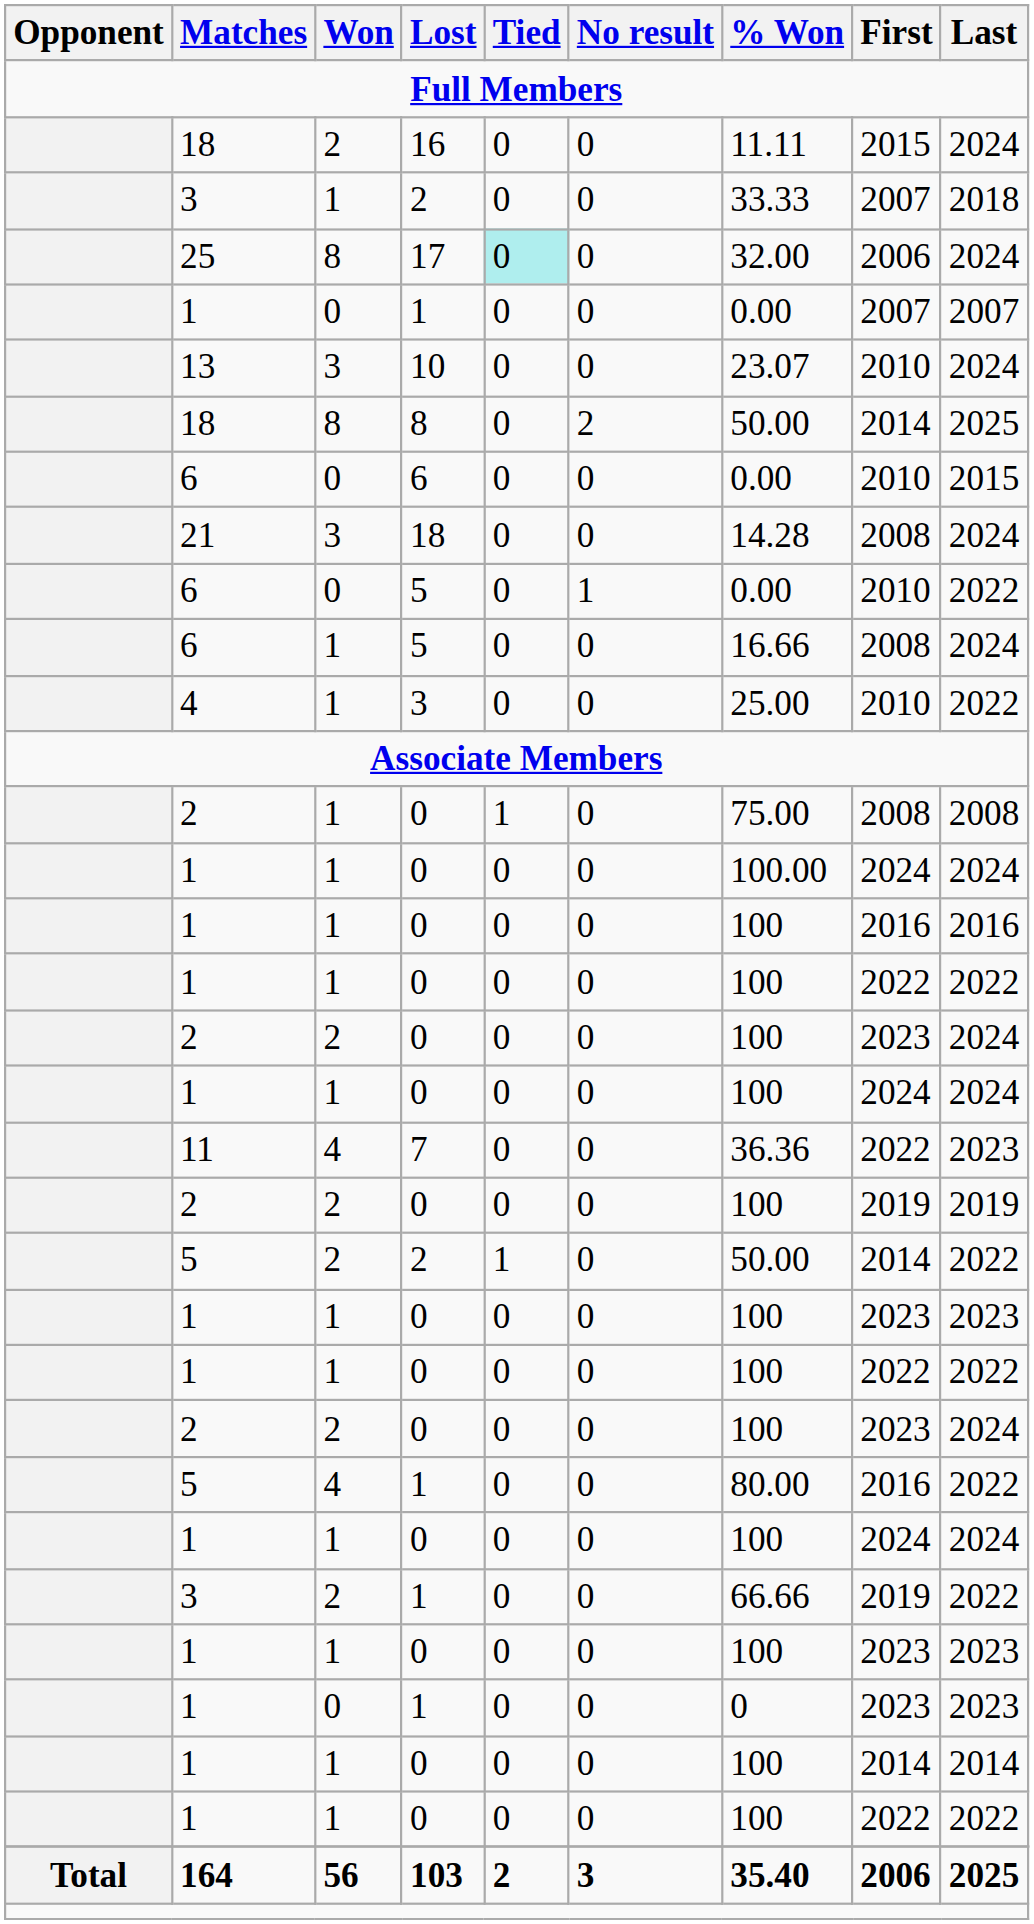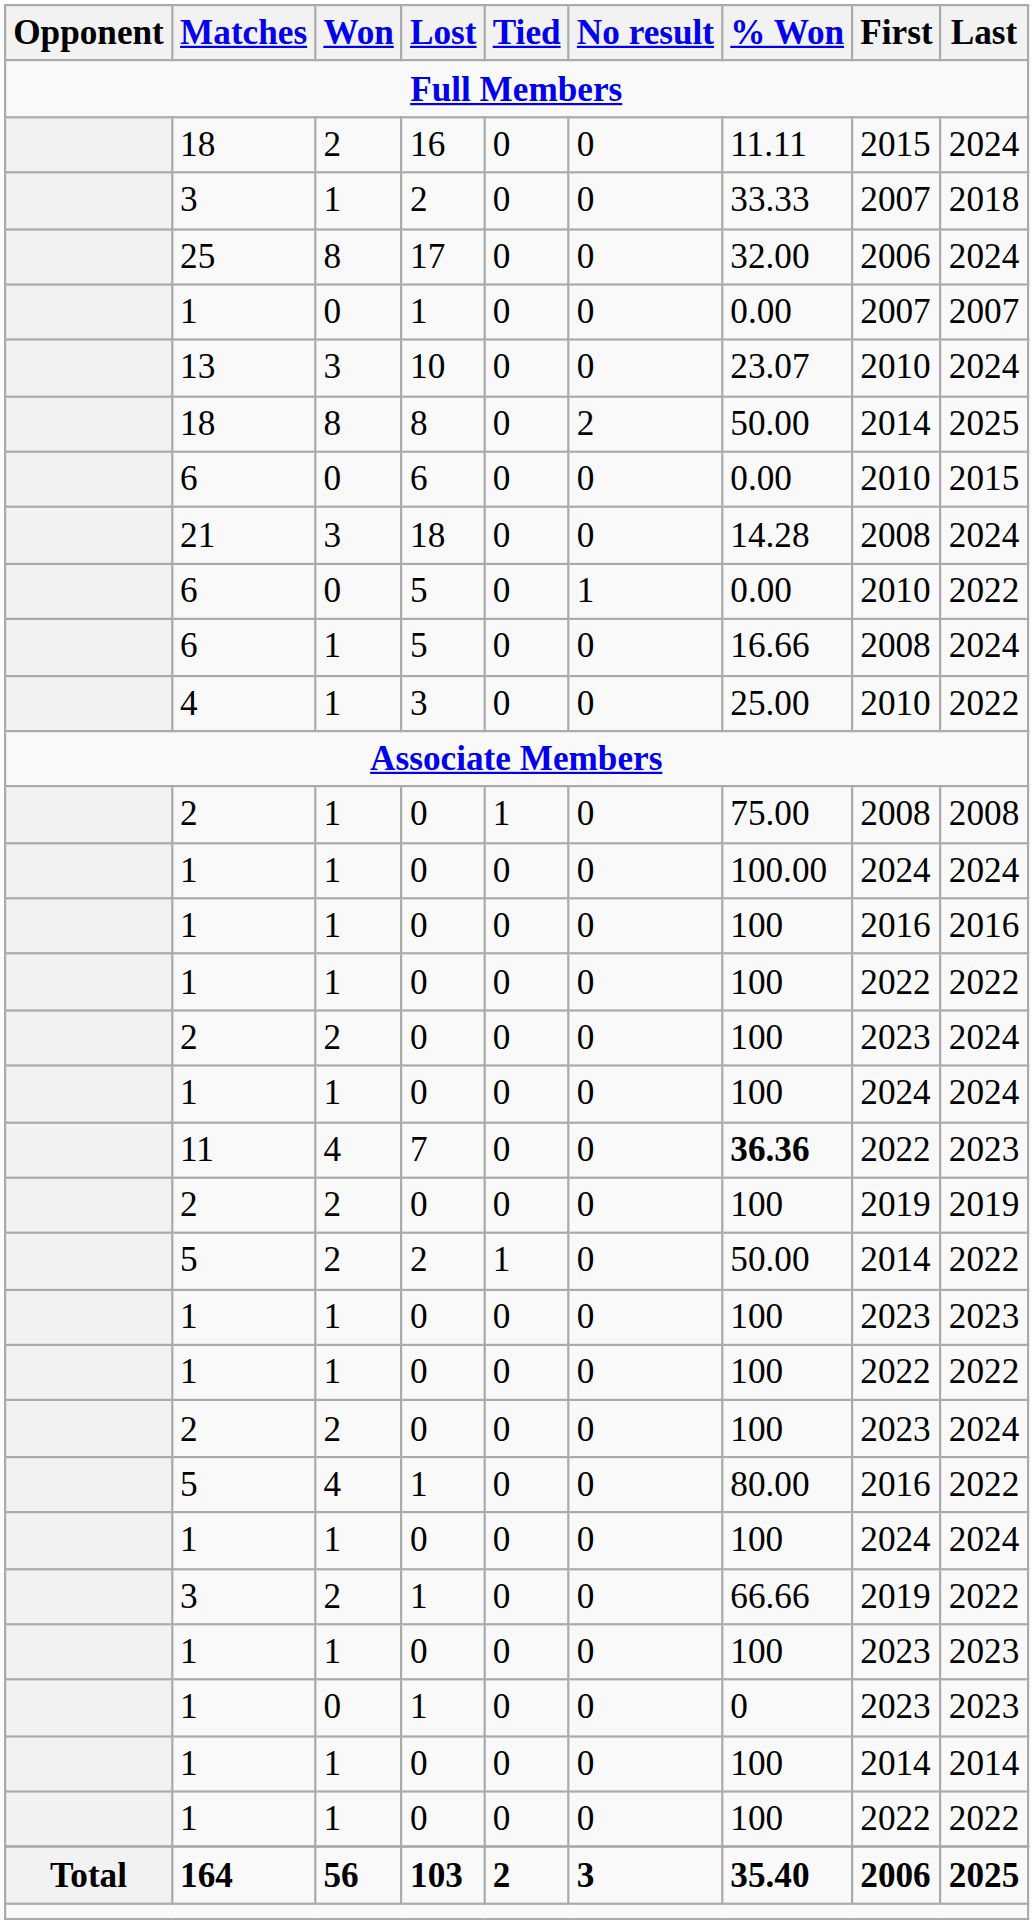 <table class="wikitable plainrowheaders sortable">
 <tr>
 <th scope="col">Opponent</th>
 <th scope="col"><a href='#'>Matches</a></th>
 <th scope="col"><a href='#'>Won</a></th>
 <th scope="col"><a href='#'>Lost</a></th>
 <th scope="col"><a href='#'>Tied</a></th>
 <th scope="col"><a href='#'>No result</a></th>
 <th scope="col"><a href='#'>% Won</a></th>
 <th scope="col">First</th>
 <th scope="col">Last</th>
 </tr>
 <tr>
 <td style="text-align: center;" colspan="9"><strong><a href='#'>Full Members</a></strong></td>
 </tr>
 <tr>
 <th scope=row></th>
 <td>18</td>
 <td>2</td>
 <td>16</td>
 <td>0</td>
 <td>0</td>
 <td>11.11</td>
 <td>2015</td>
 <td>2024</td>
 </tr>
 <tr>
 <th scope=row></th>
 <td>3</td>
 <td>1</td>
 <td>2</td>
 <td>0</td>
 <td>0</td>
 <td>33.33</td>
 <td>2007</td>
 <td>2018</td>
 </tr>
 <tr>
 <th scope=row></th>
 <td>25</td>
 <td>8</td>
 <td>17</td>
-<td style="background: paleturquoise;">0</td>
+<td>0</td>
 <td>0</td>
 <td>32.00</td>
 <td>2006</td>
 <td>2024</td>
 </tr>
 <tr>
 <th scope=row></th>
 <td>1</td>
 <td>0</td>
 <td>1</td>
 <td>0</td>
 <td>0</td>
 <td>0.00</td>
 <td>2007</td>
 <td>2007</td>
 </tr>
 <tr>
 <th scope=row></th>
 <td>13</td>
 <td>3</td>
 <td>10</td>
 <td>0</td>
 <td>0</td>
 <td>23.07</td>
 <td>2010</td>
 <td>2024</td>
 </tr>
 <tr>
 <th scope=row></th>
 <td>18</td>
 <td>8</td>
 <td>8</td>
 <td>0</td>
 <td>2</td>
 <td>50.00</td>
 <td>2014</td>
 <td>2025</td>
 </tr>
 <tr>
 <th scope=row></th>
 <td>6</td>
 <td>0</td>
 <td>6</td>
 <td>0</td>
 <td>0</td>
 <td>0.00</td>
 <td>2010</td>
 <td>2015</td>
 </tr>
 <tr>
 <th scope=row></th>
 <td>21</td>
 <td>3</td>
 <td>18</td>
 <td>0</td>
 <td>0</td>
 <td>14.28</td>
 <td>2008</td>
 <td>2024</td>
 </tr>
 <tr>
 <th scope=row></th>
 <td>6</td>
 <td>0</td>
 <td>5</td>
 <td>0</td>
 <td>1</td>
 <td>0.00</td>
 <td>2010</td>
 <td>2022</td>
 </tr>
 <tr>
 <th scope=row></th>
 <td>6</td>
 <td>1</td>
 <td>5</td>
 <td>0</td>
 <td>0</td>
 <td>16.66</td>
 <td>2008</td>
 <td>2024</td>
 </tr>
 <tr>
 <th scope=row></th>
 <td>4</td>
 <td>1</td>
 <td>3</td>
 <td>0</td>
 <td>0</td>
 <td>25.00</td>
 <td>2010</td>
 <td>2022</td>
 </tr>
 <tr>
 <td colspan="10" style="text-align: center;"><strong><a href='#'>Associate Members</a></strong></td>
 </tr>
 <tr>
 <th scope=row></th>
 <td>2</td>
 <td>1</td>
 <td>0</td>
 <td>1</td>
 <td>0</td>
 <td>75.00</td>
 <td>2008</td>
 <td>2008</td>
 </tr>
 <tr>
 <th scope=row></th>
 <td>1</td>
 <td>1</td>
 <td>0</td>
 <td>0</td>
 <td>0</td>
 <td>100.00</td>
 <td>2024</td>
 <td>2024</td>
 </tr>
 <tr>
 <th scope=row></th>
 <td>1</td>
 <td>1</td>
 <td>0</td>
 <td>0</td>
 <td>0</td>
 <td>100</td>
 <td>2016</td>
 <td>2016</td>
 </tr>
 <tr>
 <th scope=row></th>
 <td>1</td>
 <td>1</td>
 <td>0</td>
 <td>0</td>
 <td>0</td>
 <td>100</td>
 <td>2022</td>
 <td>2022</td>
 </tr>
 <tr>
 <th scope=row></th>
 <td>2</td>
 <td>2</td>
 <td>0</td>
 <td>0</td>
 <td>0</td>
 <td>100</td>
 <td>2023</td>
 <td>2024</td>
 </tr>
 <tr>
 <th scope=row></th>
 <td>1</td>
 <td>1</td>
 <td>0</td>
 <td>0</td>
 <td>0</td>
 <td>100</td>
 <td>2024</td>
 <td>2024</td>
 </tr>
 <tr>
 <th scope=row></th>
 <td>11</td>
 <td>4</td>
 <td>7</td>
 <td>0</td>
 <td>0</td>
-<td>36.36</td>
+<td><strong>36.36</strong></td>
 <td>2022</td>
 <td>2023</td>
 </tr>
 <tr>
 <th scope=row></th>
 <td>2</td>
 <td>2</td>
 <td>0</td>
 <td>0</td>
 <td>0</td>
 <td>100</td>
 <td>2019</td>
 <td>2019</td>
 </tr>
 <tr>
 <th scope=row></th>
 <td>5</td>
 <td>2</td>
 <td>2</td>
 <td>1</td>
 <td>0</td>
 <td>50.00</td>
 <td>2014</td>
 <td>2022</td>
 </tr>
 <tr>
 <th scope=row></th>
 <td>1</td>
 <td>1</td>
 <td>0</td>
 <td>0</td>
 <td>0</td>
 <td>100</td>
 <td>2023</td>
 <td>2023</td>
 </tr>
 <tr>
 <th scope=row></th>
 <td>1</td>
 <td>1</td>
 <td>0</td>
 <td>0</td>
 <td>0</td>
 <td>100</td>
 <td>2022</td>
 <td>2022</td>
 </tr>
 <tr>
 <th scope=row></th>
 <td>2</td>
 <td>2</td>
 <td>0</td>
 <td>0</td>
 <td>0</td>
 <td>100</td>
 <td>2023</td>
 <td>2024</td>
 </tr>
 <tr>
 <th scope=row></th>
 <td>5</td>
 <td>4</td>
 <td>1</td>
 <td>0</td>
 <td>0</td>
 <td>80.00</td>
 <td>2016</td>
 <td>2022</td>
 </tr>
 <tr>
 <th scope=row></th>
 <td>1</td>
 <td>1</td>
 <td>0</td>
 <td>0</td>
 <td>0</td>
 <td>100</td>
 <td>2024</td>
 <td>2024</td>
 </tr>
 <tr>
 <th scope=row></th>
 <td>3</td>
 <td>2</td>
 <td>1</td>
 <td>0</td>
 <td>0</td>
 <td>66.66</td>
 <td>2019</td>
 <td>2022</td>
 </tr>
 <tr>
 <th scope=row></th>
 <td>1</td>
 <td>1</td>
 <td>0</td>
 <td>0</td>
 <td>0</td>
 <td>100</td>
 <td>2023</td>
 <td>2023</td>
 </tr>
 <tr>
 <th scope=row></th>
 <td>1</td>
 <td>0</td>
 <td>1</td>
 <td>0</td>
 <td>0</td>
 <td>0</td>
 <td>2023</td>
 <td>2023</td>
 </tr>
 <tr>
 <th scope=row></th>
 <td>1</td>
 <td>1</td>
 <td>0</td>
 <td>0</td>
 <td>0</td>
 <td>100</td>
 <td>2014</td>
 <td>2014</td>
 </tr>
 <tr>
 <th scope=row></th>
 <td>1</td>
 <td>1</td>
 <td>0</td>
 <td>0</td>
 <td>0</td>
 <td>100</td>
 <td>2022</td>
 <td>2022</td>
 </tr>
 <tr>
 </tr>
 <tr class="sortbottom">
 <th scope="row" style="text-align:center">Total</th>
 <td><strong>164</strong></td>
 <td><strong>56</strong></td>
 <td><strong>103</strong></td>
 <td><strong>2</strong></td>
 <td><strong>3</strong></td>
 <td><strong>35.40</strong></td>
 <td><strong>2006</strong></td>
 <td><strong>2025</strong></td>
 </tr>
 <tr>
 <td colspan=10></td>
 </tr>
 </table>
